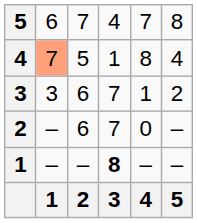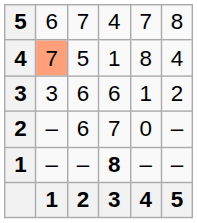 <table class="wikitable" style="text-align:center">
 <tr>
 <th>5</th>
 <td>6</td>
 <td>7</td>
 <td>4</td>
 <td>7</td>
 <td>8</td>
 </tr>
 <tr>
 <th>4</th>
 <td style="background: lightsalmon;">7</td>
 <td>5</td>
 <td>1</td>
 <td>8</td>
 <td>4</td>
 </tr>
 <tr>
 <th>3</th>
 <td>3</td>
 <td>6</td>
-<td>7</td>
+<td>6</td>
 <td>1</td>
 <td>2</td>
 </tr>
 <tr>
 <th>2</th>
 <td>–</td>
 <td>6</td>
 <td>7</td>
 <td>0</td>
 <td>–</td>
 </tr>
 <tr>
 <th>1</th>
 <td>–</td>
 <td>–</td>
 <td><strong>8</strong></td>
 <td>–</td>
 <td>–</td>
 </tr>
 <tr>
 <th width="15"></th>
 <th style="width:15px;">1</th>
 <th style="width:15px;">2</th>
 <th style="width:15px;">3</th>
 <th style="width:15px;">4</th>
 <th style="width:15px;">5</th>
 </tr>
 </table>
